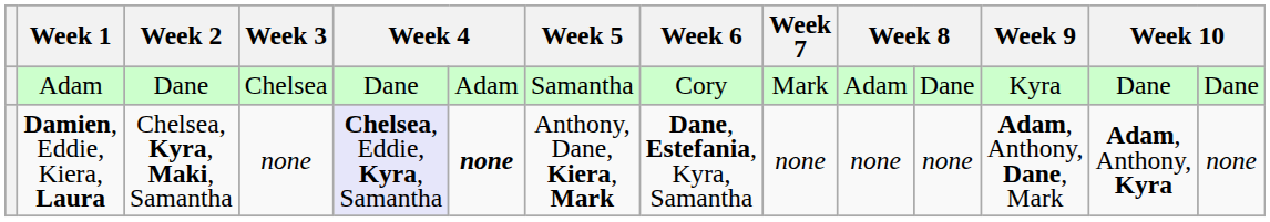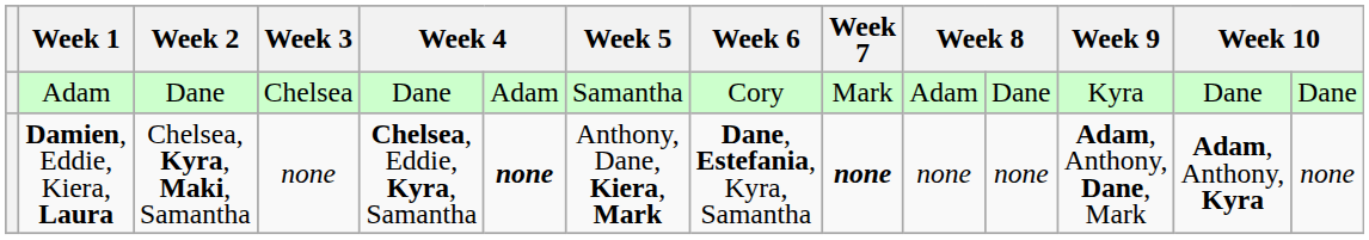 <table class="wikitable" style="width:100%; text-align:center; font-size:85%; line-height:13px;">
 <tr>
 <th style="width:5%"></th>
 <th width="5%;">Week 1</th>
 <th width="5%;">Week 2</th>
 <th width="5%;">Week 3 </th>
 <th colspan="2" width="5%;">Week 4 </th>
 <th width="5%;">Week 5</th>
 <th width="5%;">Week 6</th>
 <th width="5%;">Week 7 </th>
 <th colspan="2" width="5%;"> Week 8 </th>
 <th width="5%;">Week 9 </th>
 <th colspan="2" width="5%;">Week 10 </th>
 </tr>
 <tr>
 <th></th>
 <td style="background:#cfc">Adam</td>
 <td style="background:#cfc">Dane</td>
 <td style="background:#cfc">Chelsea</td>
 <td width="5%;" style="background:#cfc">Dane</td>
 <td width="5%;" style="background:#cfc">Adam</td>
 <td style="background:#cfc">Samantha</td>
 <td style="background:#cfc">Cory</td>
 <td style="background:#cfc">Mark</td>
 <td style="background:#cfc">Adam</td>
 <td style="background:#cfc">Dane</td>
 <td style="background:#cfc">Kyra</td>
 <td style="background:#cfc">Dane</td>
 <td style="background:#cfc">Dane</td>
 </tr>
 <tr>
 <th></th>
 <td><strong>Damien</strong>,<br>Eddie,<br>Kiera,<br><strong>Laura</strong></td>
 <td>Chelsea,<br><strong>Kyra</strong>,<br><strong>Maki</strong>,<br>Samantha</td>
 <td><em>none</em></td>
-<td style="background: lavender;"><strong>Chelsea</strong>,<br>Eddie,<br><strong>Kyra</strong>,<br>Samantha</td>
+<td><strong>Chelsea</strong>,<br>Eddie,<br><strong>Kyra</strong>,<br>Samantha</td>
 <td><strong><em>none</em></strong></td>
 <td>Anthony,<br>Dane,<br><strong>Kiera</strong>,<br><strong>Mark</strong></td>
 <td><strong>Dane</strong>,<br><strong>Estefania</strong>,<br>Kyra,<br>Samantha</td>
-<td><em>none</em></td>
+<td><strong><em>none</em></strong></td>
 <td><em>none</em></td>
 <td><em>none</em></td>
 <td><strong>Adam</strong>,<br>Anthony,<br><strong>Dane</strong>,<br>Mark</td>
 <td><strong>Adam</strong>,<br>Anthony,<br><strong>Kyra</strong></td>
 <td><em>none</em></td>
 </tr>
 </table>
